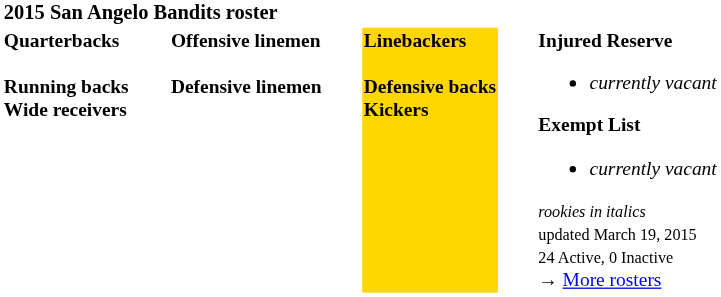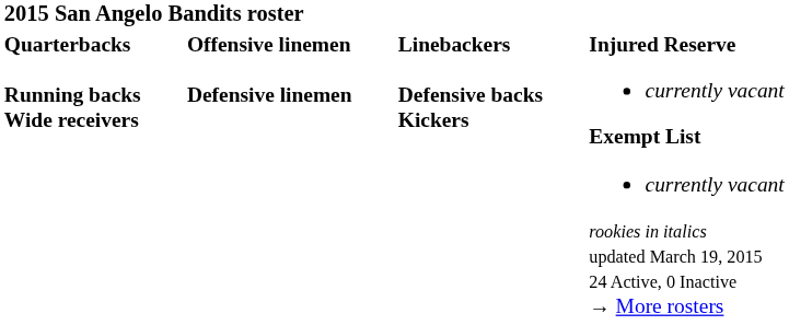 <table class="toccolours" style="text-align: left;">
 <tr>
 <th colspan=7><strong>2015 San Angelo Bandits roster</strong></th>
 </tr>
 <tr>
 <td style="font-size: 95%;vertical-align:top;"><strong>Quarterbacks</strong><br> <br><strong>Running backs</strong> <br><strong>Wide receivers</strong>        </td>
 <td style="width: 25px;"></td>
 <td style="font-size: 95%;vertical-align:top;"><strong>Offensive linemen</strong><br>   <br><strong>Defensive linemen</strong>   </td>
 <td style="width: 25px;"></td>
-<td style="background: gold; font-size: 95%;vertical-align:top;"><strong>Linebackers</strong><br><br><strong>Defensive backs</strong>    <br><strong>Kickers</strong> </td>
+<td style="font-size: 95%;vertical-align:top;"><strong>Linebackers</strong><br><br><strong>Defensive backs</strong>    <br><strong>Kickers</strong> </td>
 <td style="width: 25px;"></td>
 <td style="font-size: 95%;vertical-align:top;"><strong>Injured Reserve</strong><br><ul><li><em>currently vacant</em></li></ul><strong>Exempt List</strong><ul><li><em>currently vacant</em></li></ul><small><em>rookies in italics</em><br> updated March 19, 2015</small><br> <small>24 Active, 0 Inactive</small><br>→ <a href='#'>More rosters</a></td>
 </tr>
 <tr>
 </tr>
 </table>
